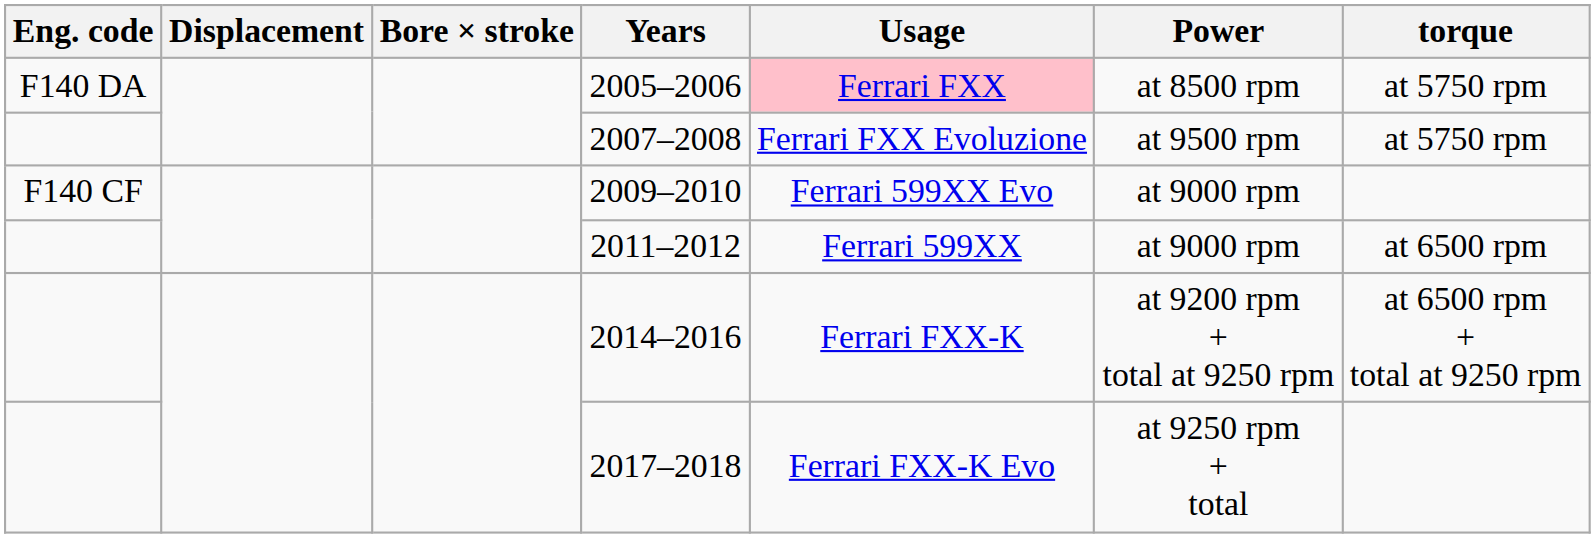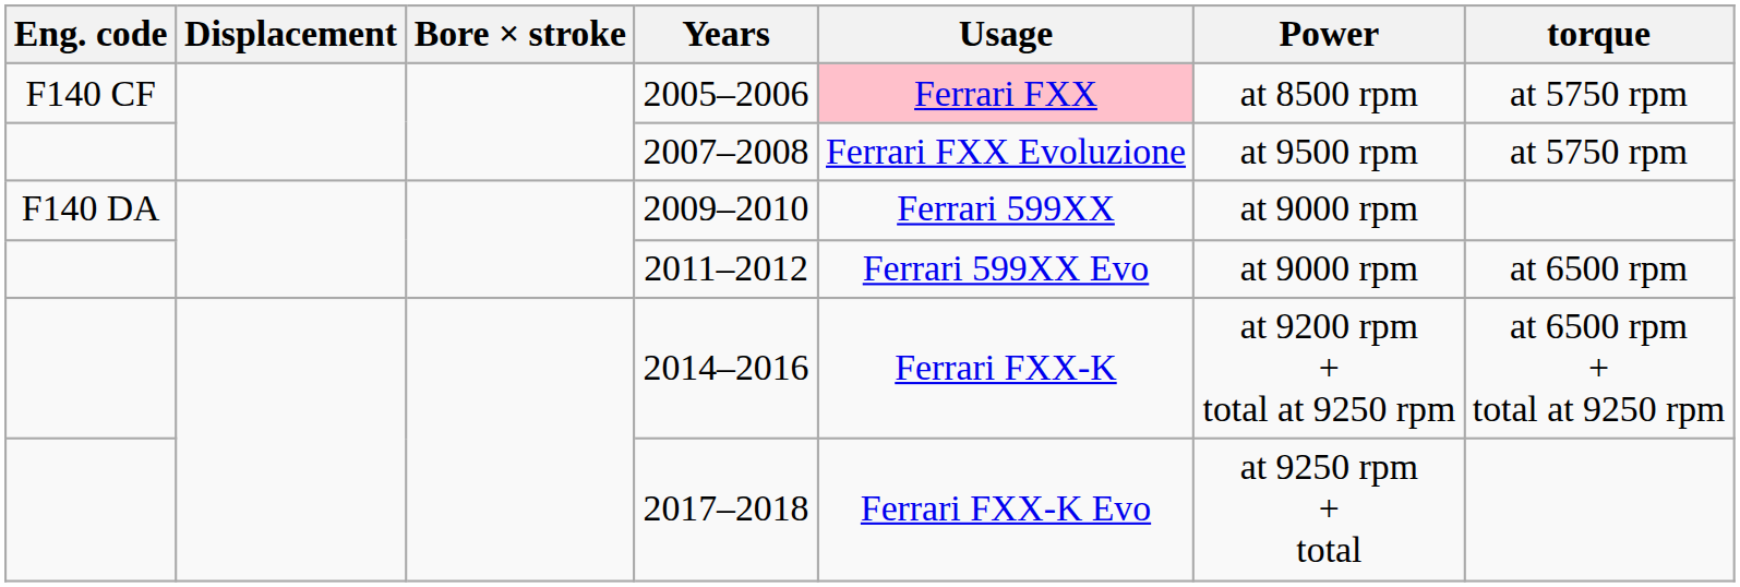 <table class="wikitable" style="text-align: center;">
 <tr>
 <th>Eng. code</th>
 <th>Displacement</th>
 <th>Bore × stroke</th>
 <th>Years</th>
 <th>Usage</th>
 <th>Power</th>
 <th>torque</th>
 </tr>
 <tr>
-<td>F140 DA</td>
+<td>F140 CF</td>
 <td rowspan="2"></td>
 <td rowspan="2"></td>
 <td>2005–2006</td>
 <td style="background: pink;"><a href='#'>Ferrari FXX</a></td>
 <td> at 8500 rpm</td>
 <td> at 5750 rpm</td>
 </tr>
 <tr>
 <td> </td>
 <td>2007–2008</td>
 <td><a href='#'>Ferrari FXX Evoluzione</a></td>
 <td> at 9500 rpm</td>
 <td> at 5750 rpm</td>
 </tr>
 <tr>
-<td>F140 CF</td>
+<td>F140 DA</td>
 <td rowspan="2"></td>
 <td rowspan="2"></td>
 <td>2009–2010</td>
-<td><a href='#'>Ferrari 599XX Evo</a></td>
+<td><a href='#'>Ferrari 599XX</a></td>
 <td> at 9000 rpm</td>
 <td></td>
 </tr>
 <tr>
 <td> </td>
 <td>2011–2012</td>
-<td><a href='#'>Ferrari 599XX</a></td>
+<td><a href='#'>Ferrari 599XX Evo</a></td>
 <td> at 9000 rpm</td>
 <td> at 6500 rpm </td>
 </tr>
 <tr>
 <td> </td>
 <td rowspan="2"></td>
 <td rowspan="2"></td>
 <td>2014–2016</td>
 <td><a href='#'>Ferrari FXX-K</a></td>
 <td> at 9200 rpm<br>+ <br>total  at 9250 rpm</td>
 <td> at 6500 rpm<br>+ <br>total  at 9250 rpm</td>
 </tr>
 <tr>
 <td> </td>
 <td>2017–2018</td>
 <td><a href='#'>Ferrari FXX-K Evo</a></td>
 <td> at 9250 rpm<br>+ <br>total </td>
 <td></td>
 </tr>
 </table>
